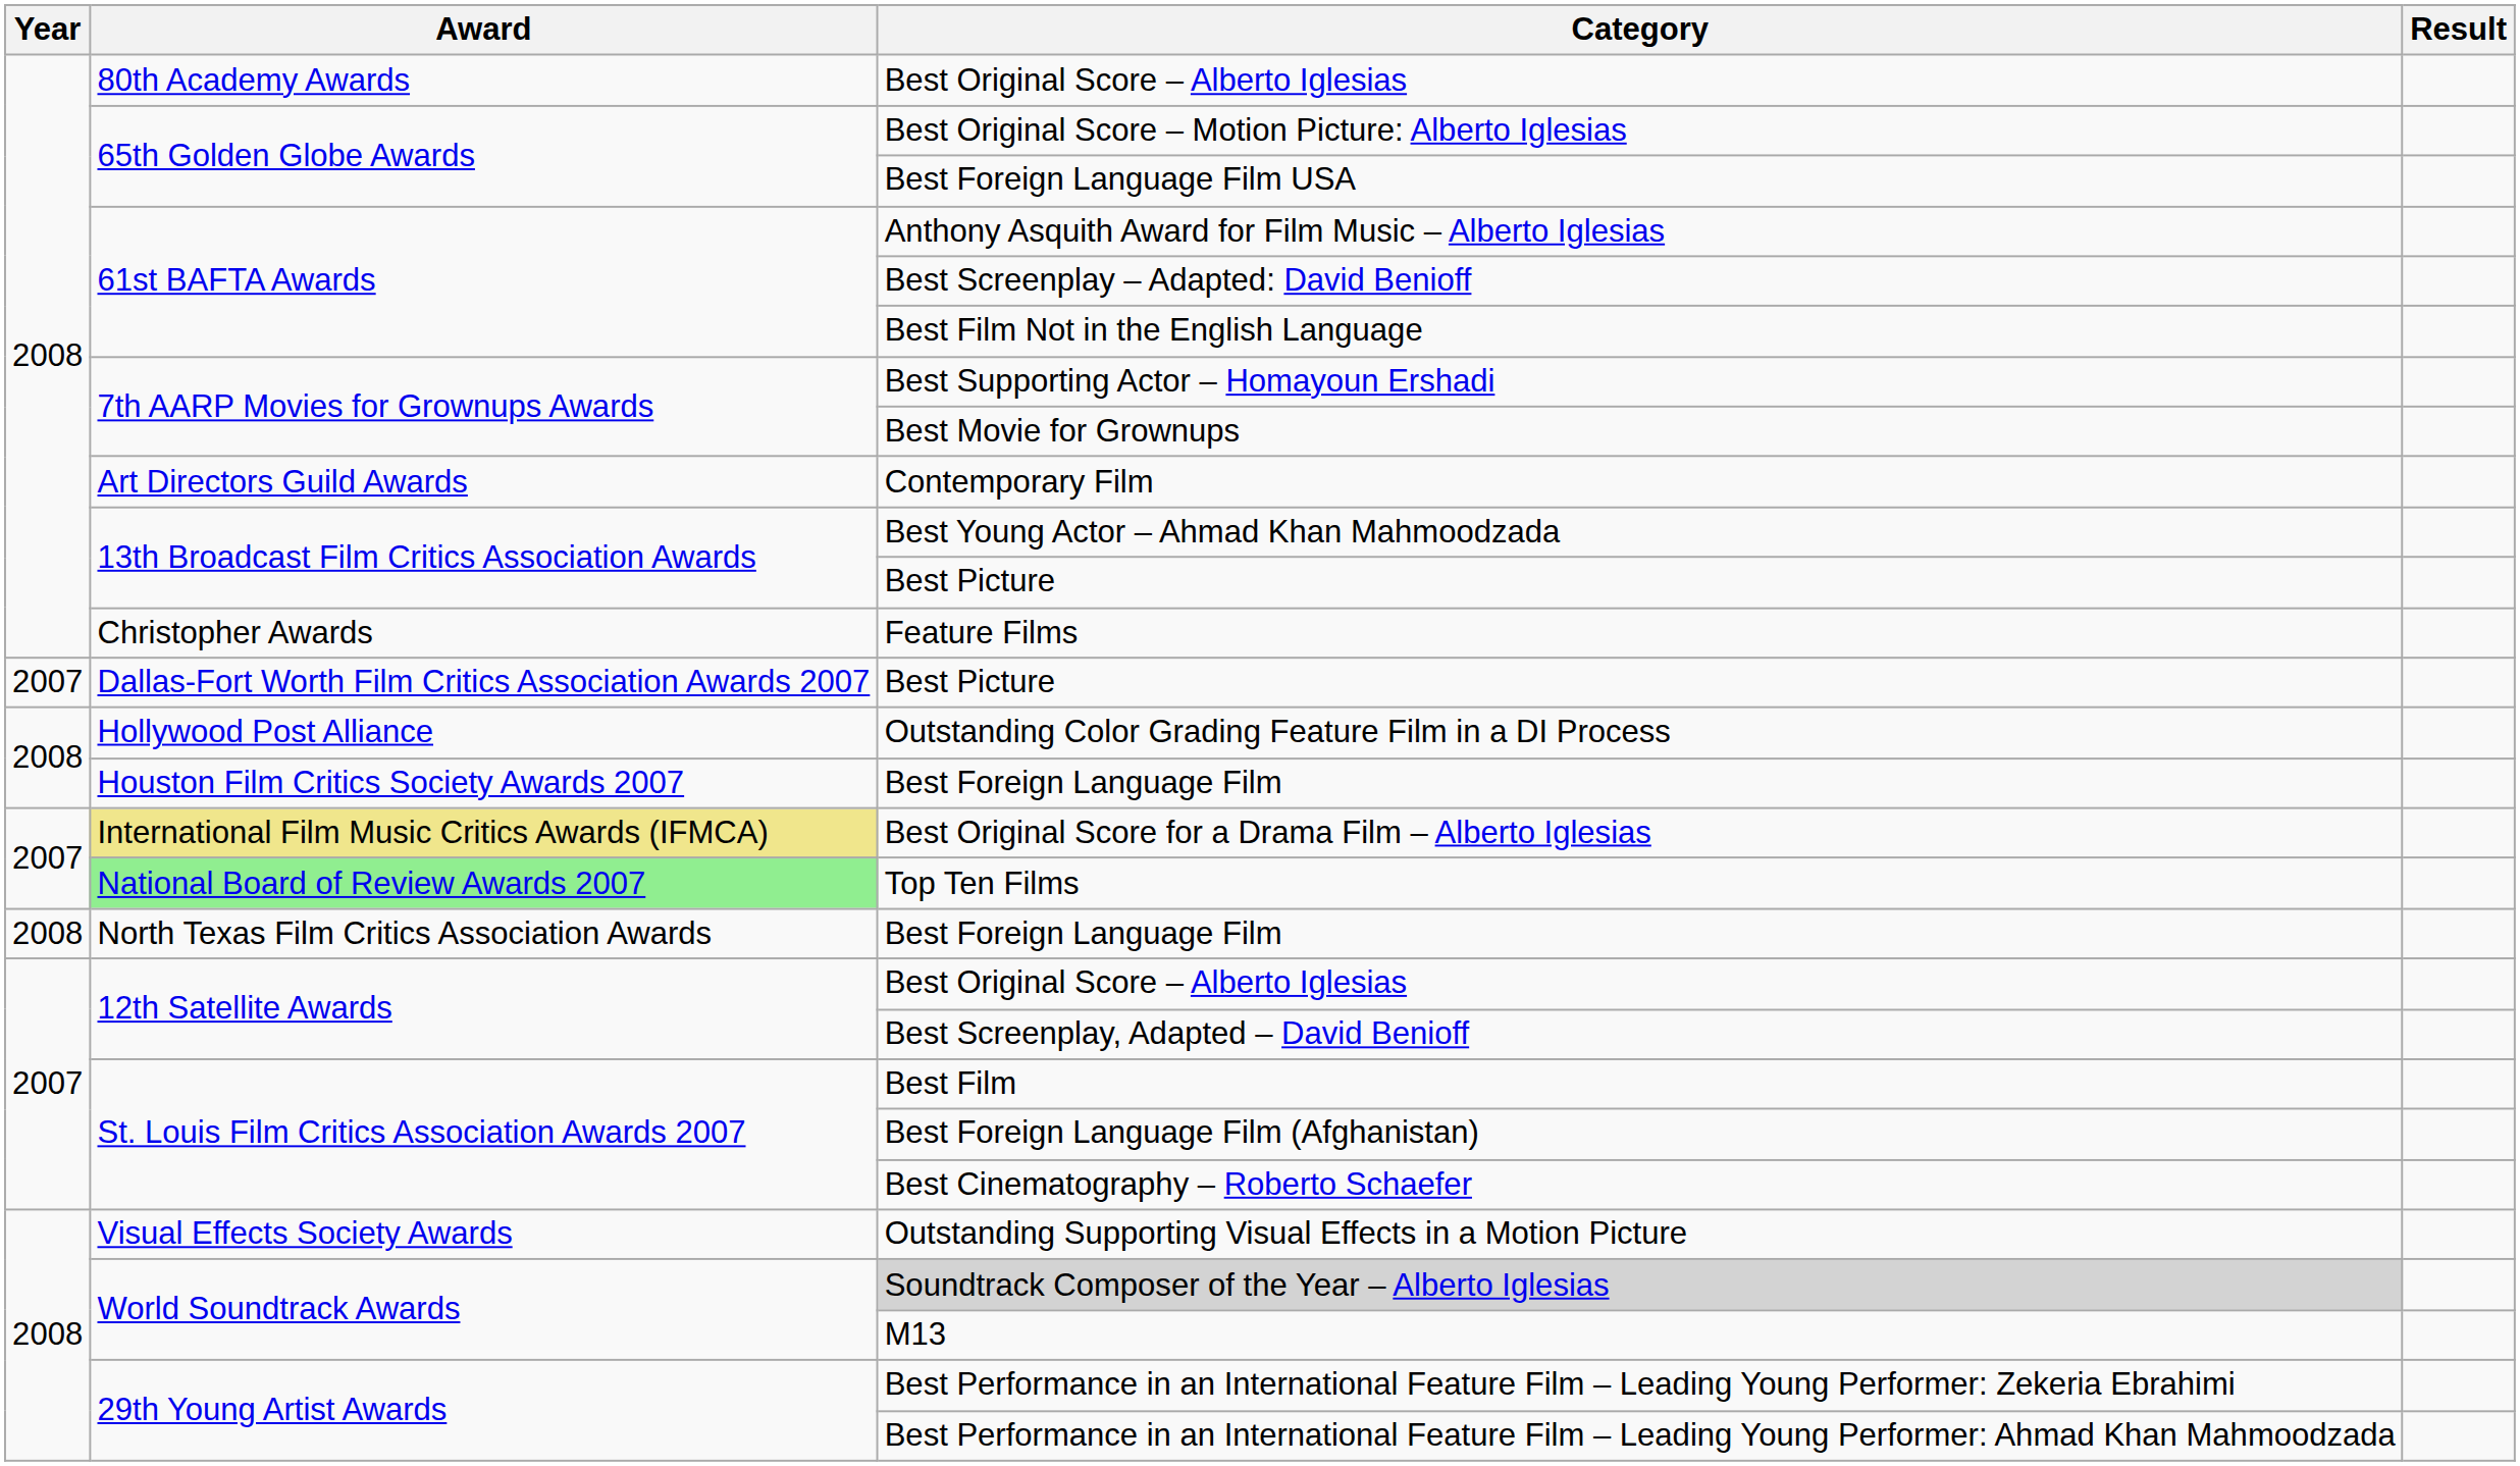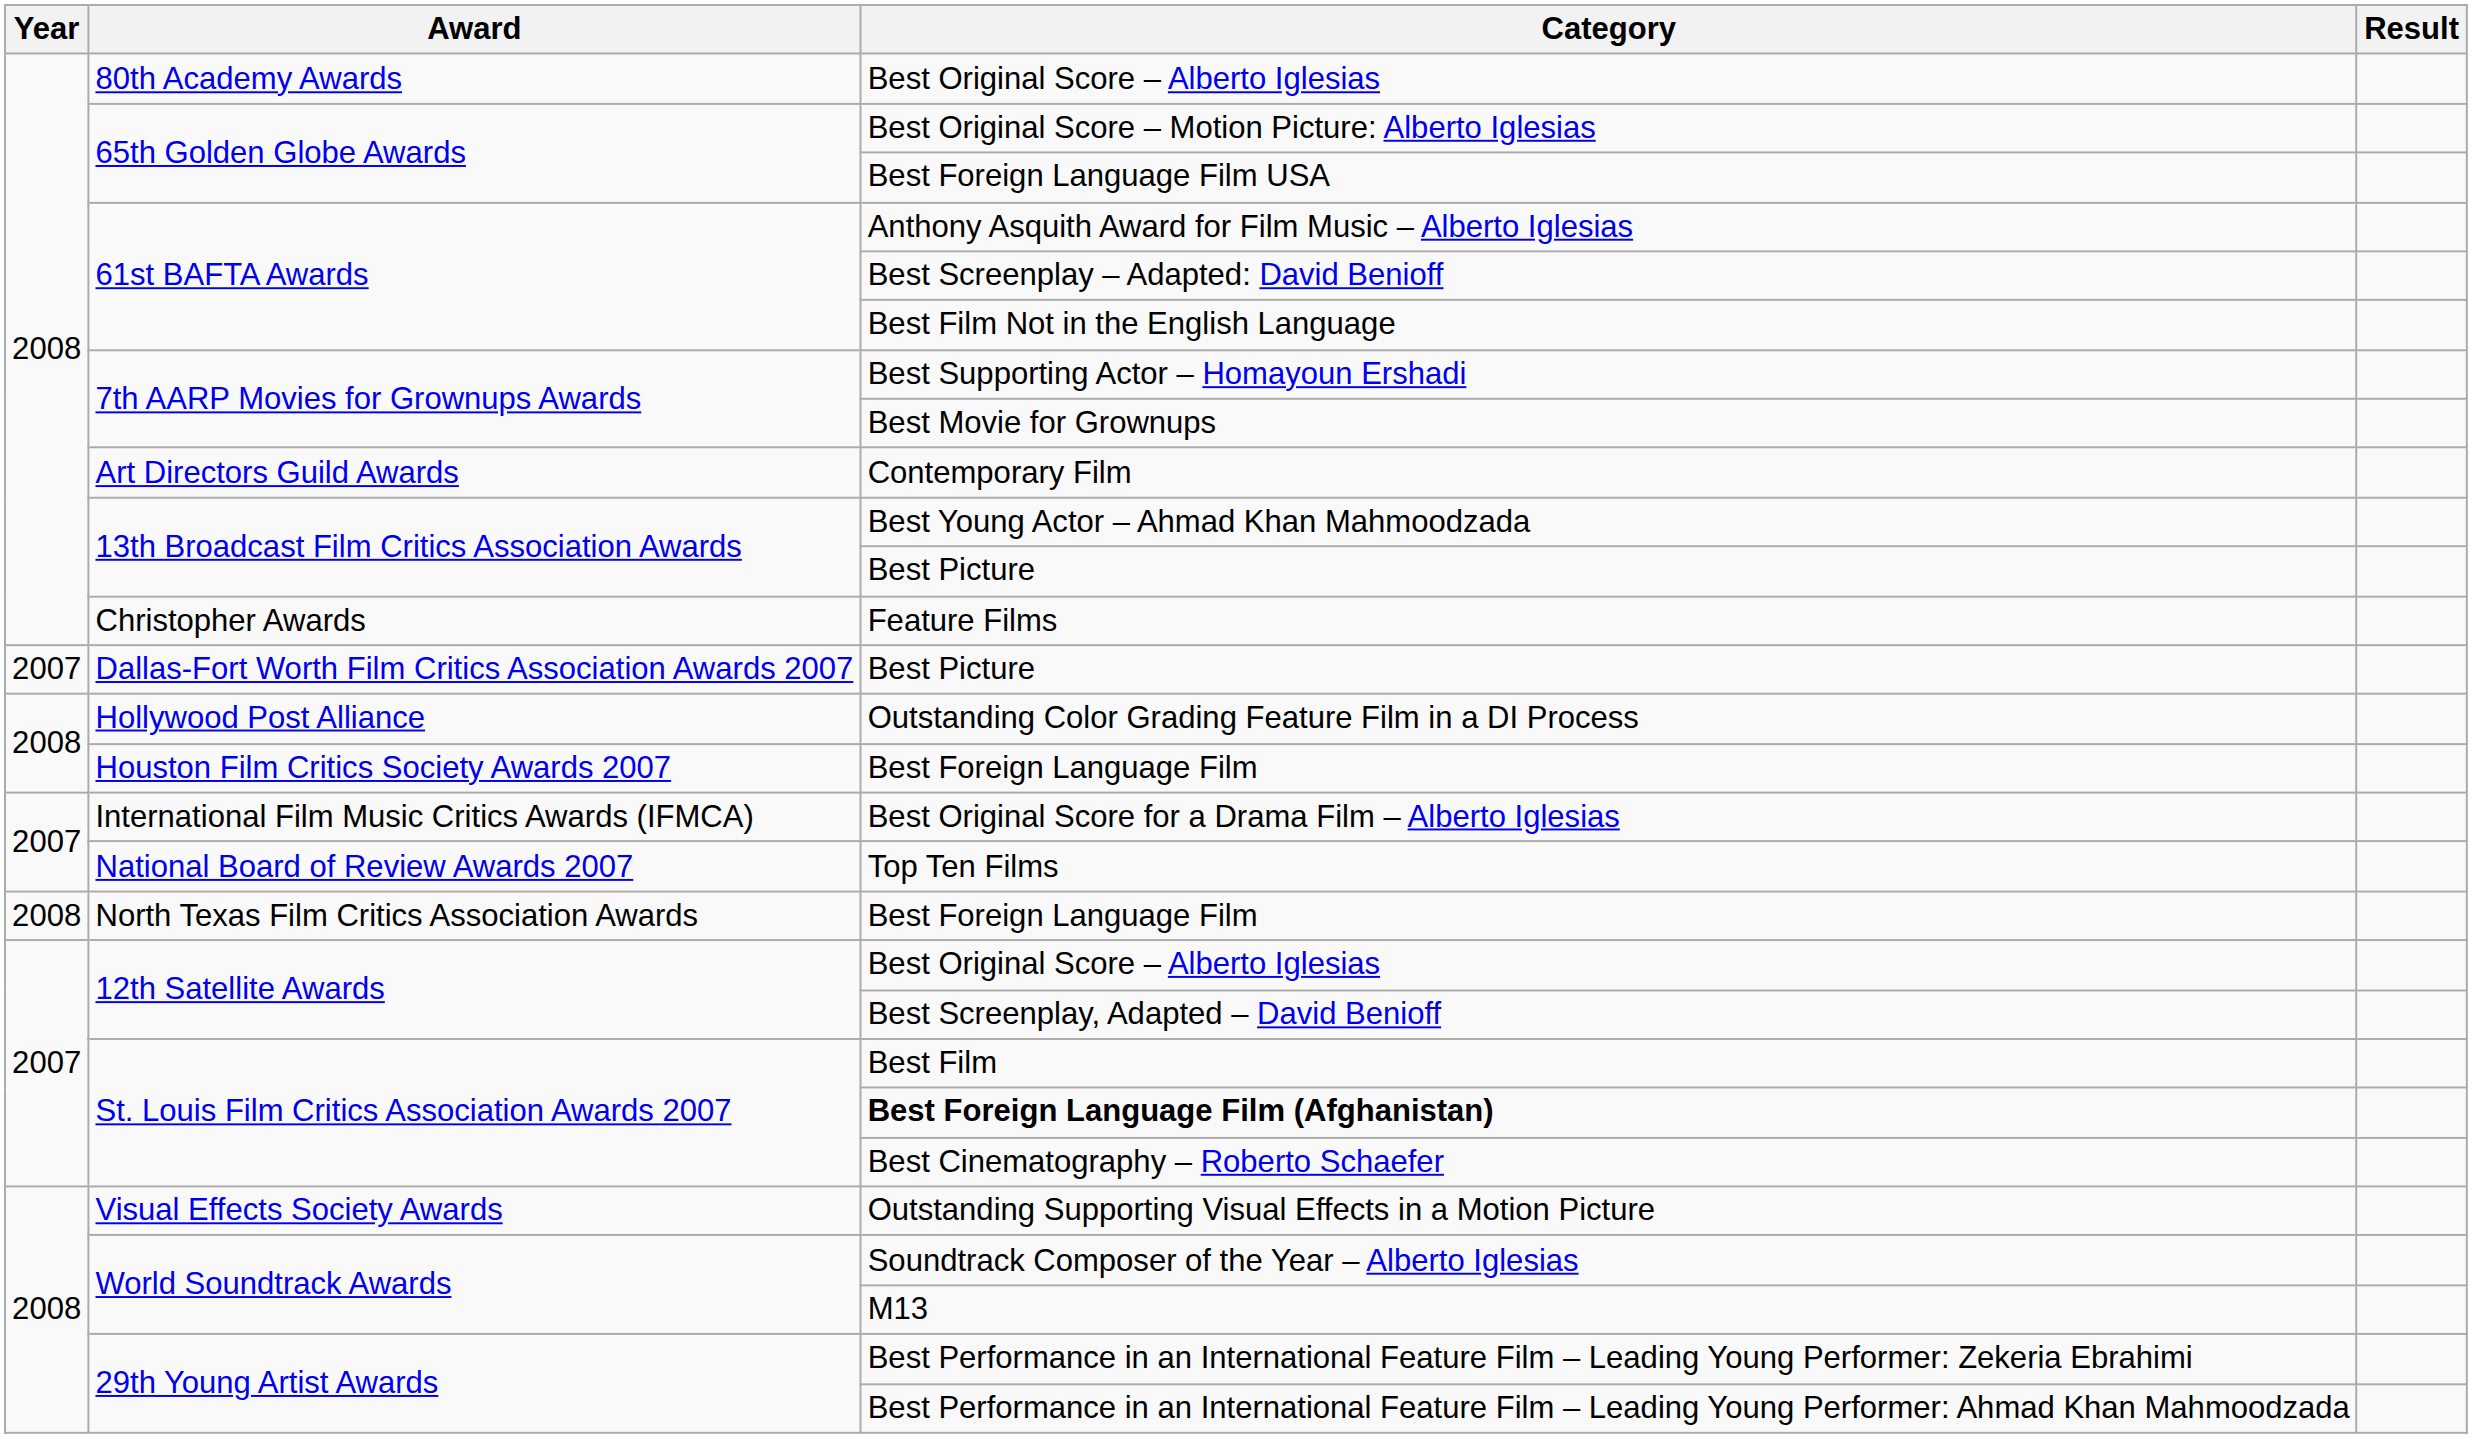 <table class="wikitable sortable">
 <tr>
 <th>Year</th>
 <th>Award</th>
 <th>Category</th>
 <th>Result</th>
 </tr>
 <tr>
 <td rowspan="12">2008</td>
 <td><a href='#'>80th Academy Awards</a></td>
 <td>Best Original Score – <a href='#'>Alberto Iglesias</a></td>
 <td></td>
 </tr>
 <tr>
 <td rowspan="2"><a href='#'>65th Golden Globe Awards</a></td>
 <td>Best Original Score – Motion Picture: <a href='#'>Alberto Iglesias</a></td>
 <td></td>
 </tr>
 <tr>
 <td>Best Foreign Language Film USA</td>
 <td></td>
 </tr>
 <tr>
 <td rowspan="3"><a href='#'>61st BAFTA Awards</a></td>
 <td>Anthony Asquith Award for Film Music – <a href='#'>Alberto Iglesias</a></td>
 <td></td>
 </tr>
 <tr>
 <td>Best Screenplay – Adapted: <a href='#'>David Benioff</a></td>
 <td></td>
 </tr>
 <tr>
 <td>Best Film Not in the English Language</td>
 <td></td>
 </tr>
 <tr>
 <td rowspan="2"><a href='#'>7th AARP Movies for Grownups Awards</a></td>
 <td>Best Supporting Actor – <a href='#'>Homayoun Ershadi</a></td>
 <td></td>
 </tr>
 <tr>
 <td>Best Movie for Grownups</td>
 <td></td>
 </tr>
 <tr>
 <td><a href='#'>Art Directors Guild Awards</a></td>
 <td>Contemporary Film</td>
 <td></td>
 </tr>
 <tr>
 <td rowspan="2"><a href='#'>13th Broadcast Film Critics Association Awards</a></td>
 <td>Best Young Actor – Ahmad Khan Mahmoodzada</td>
 <td></td>
 </tr>
 <tr>
 <td>Best Picture</td>
 <td></td>
 </tr>
 <tr>
 <td>Christopher Awards</td>
 <td>Feature Films</td>
 <td></td>
 </tr>
 <tr>
 <td>2007</td>
 <td><a href='#'>Dallas-Fort Worth Film Critics Association Awards 2007</a></td>
 <td>Best Picture</td>
 <td></td>
 </tr>
 <tr>
 <td rowspan="2">2008</td>
 <td><a href='#'>Hollywood Post Alliance</a></td>
 <td>Outstanding Color Grading Feature Film in a DI Process</td>
 <td></td>
 </tr>
 <tr>
 <td><a href='#'>Houston Film Critics Society Awards 2007</a></td>
 <td>Best Foreign Language Film</td>
 <td></td>
 </tr>
 <tr>
 <td rowspan="2">2007</td>
-<td style="background: khaki;">International Film Music Critics Awards (IFMCA)</td>
+<td>International Film Music Critics Awards (IFMCA)</td>
 <td>Best Original Score for a Drama Film – <a href='#'>Alberto Iglesias</a></td>
 <td></td>
 </tr>
 <tr>
-<td style="background: lightgreen;"><a href='#'>National Board of Review Awards 2007</a></td>
+<td><a href='#'>National Board of Review Awards 2007</a></td>
 <td>Top Ten Films</td>
 <td></td>
 </tr>
 <tr>
 <td>2008</td>
 <td>North Texas Film Critics Association Awards</td>
 <td>Best Foreign Language Film</td>
 <td></td>
 </tr>
 <tr>
 <td rowspan="5">2007</td>
 <td rowspan="2"><a href='#'>12th Satellite Awards</a></td>
 <td>Best Original Score – <a href='#'>Alberto Iglesias</a></td>
 <td></td>
 </tr>
 <tr>
 <td>Best Screenplay, Adapted – <a href='#'>David Benioff</a></td>
 <td></td>
 </tr>
 <tr>
 <td rowspan="3"><a href='#'>St. Louis Film Critics Association Awards 2007</a></td>
 <td>Best Film</td>
 <td></td>
 </tr>
 <tr>
-<td>Best Foreign Language Film (Afghanistan)</td>
+<td><strong>Best Foreign Language Film (Afghanistan)</strong></td>
 <td></td>
 </tr>
 <tr>
 <td>Best Cinematography – <a href='#'>Roberto Schaefer</a></td>
 <td></td>
 </tr>
 <tr>
 <td rowspan="5">2008</td>
 <td><a href='#'>Visual Effects Society Awards</a></td>
 <td>Outstanding Supporting Visual Effects in a Motion Picture</td>
 <td></td>
 </tr>
 <tr>
 <td rowspan="2"><a href='#'>World Soundtrack Awards</a></td>
-<td style="background: lightgrey;">Soundtrack Composer of the Year – <a href='#'>Alberto Iglesias</a></td>
+<td>Soundtrack Composer of the Year – <a href='#'>Alberto Iglesias</a></td>
 <td></td>
 </tr>
 <tr>
 <td>M13</td>
 <td></td>
 </tr>
 <tr>
 <td rowspan="2"><a href='#'>29th Young Artist Awards</a></td>
 <td>Best Performance in an International Feature Film – Leading Young Performer: Zekeria Ebrahimi</td>
 <td></td>
 </tr>
 <tr>
 <td>Best Performance in an International Feature Film – Leading Young Performer: Ahmad Khan Mahmoodzada</td>
 <td></td>
 </tr>
 </table>
